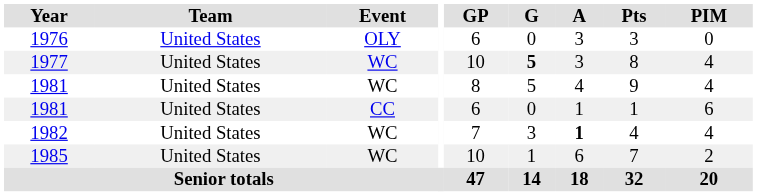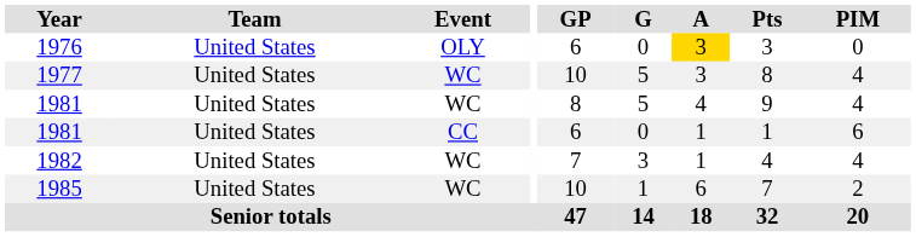 <table border="0" cellpadding="1" cellspacing="0" ID="Table3" style="text-align:center; width:40em">
 <tr bgcolor="#e0e0e0">
 <th>Year</th>
 <th>Team</th>
 <th>Event</th>
 <th rowspan="102" bgcolor="#ffffff"></th>
 <th>GP</th>
 <th>G</th>
 <th>A</th>
 <th>Pts</th>
 <th>PIM</th>
 </tr>
 <tr>
 <td><a href='#'>1976</a></td>
 <td><a href='#'>United States</a></td>
 <td><a href='#'>OLY</a></td>
 <td>6</td>
 <td>0</td>
-<td>3</td>
+<td style="background: gold;">3</td>
 <td>3</td>
 <td>0</td>
 </tr>
 <tr bgcolor="#f0f0f0">
 <td><a href='#'>1977</a></td>
 <td>United States</td>
 <td><a href='#'>WC</a></td>
 <td>10</td>
-<td><strong>5</strong></td>
+<td>5</td>
 <td>3</td>
 <td>8</td>
 <td>4</td>
 </tr>
 <tr>
 <td><a href='#'>1981</a></td>
 <td>United States</td>
 <td>WC</td>
 <td>8</td>
 <td>5</td>
 <td>4</td>
 <td>9</td>
 <td>4</td>
 </tr>
 <tr bgcolor="#f0f0f0">
 <td><a href='#'>1981</a></td>
 <td>United States</td>
 <td><a href='#'>CC</a></td>
 <td>6</td>
 <td>0</td>
 <td>1</td>
 <td>1</td>
 <td>6</td>
 </tr>
 <tr>
 <td><a href='#'>1982</a></td>
 <td>United States</td>
 <td>WC</td>
 <td>7</td>
 <td>3</td>
-<td><strong>1</strong></td>
+<td>1</td>
 <td>4</td>
 <td>4</td>
 </tr>
 <tr bgcolor="#f0f0f0">
 <td><a href='#'>1985</a></td>
 <td>United States</td>
 <td>WC</td>
 <td>10</td>
 <td>1</td>
 <td>6</td>
 <td>7</td>
 <td>2</td>
 </tr>
 <tr bgcolor="#e0e0e0">
 <th colspan="4">Senior totals</th>
 <th>47</th>
 <th>14</th>
 <th>18</th>
 <th>32</th>
 <th>20</th>
 </tr>
 </table>
